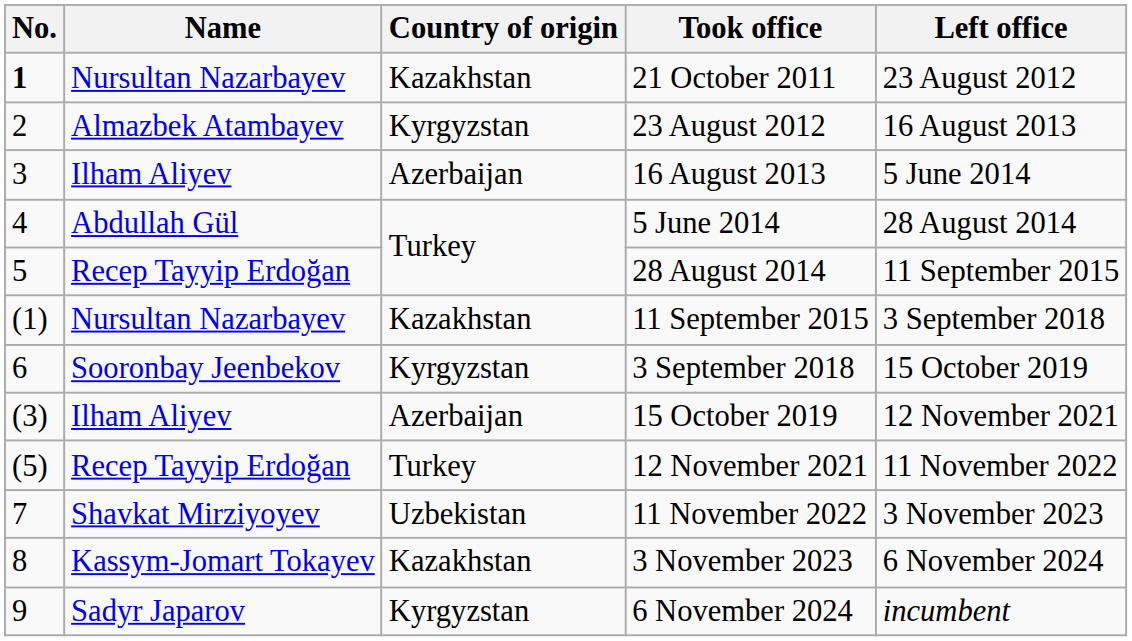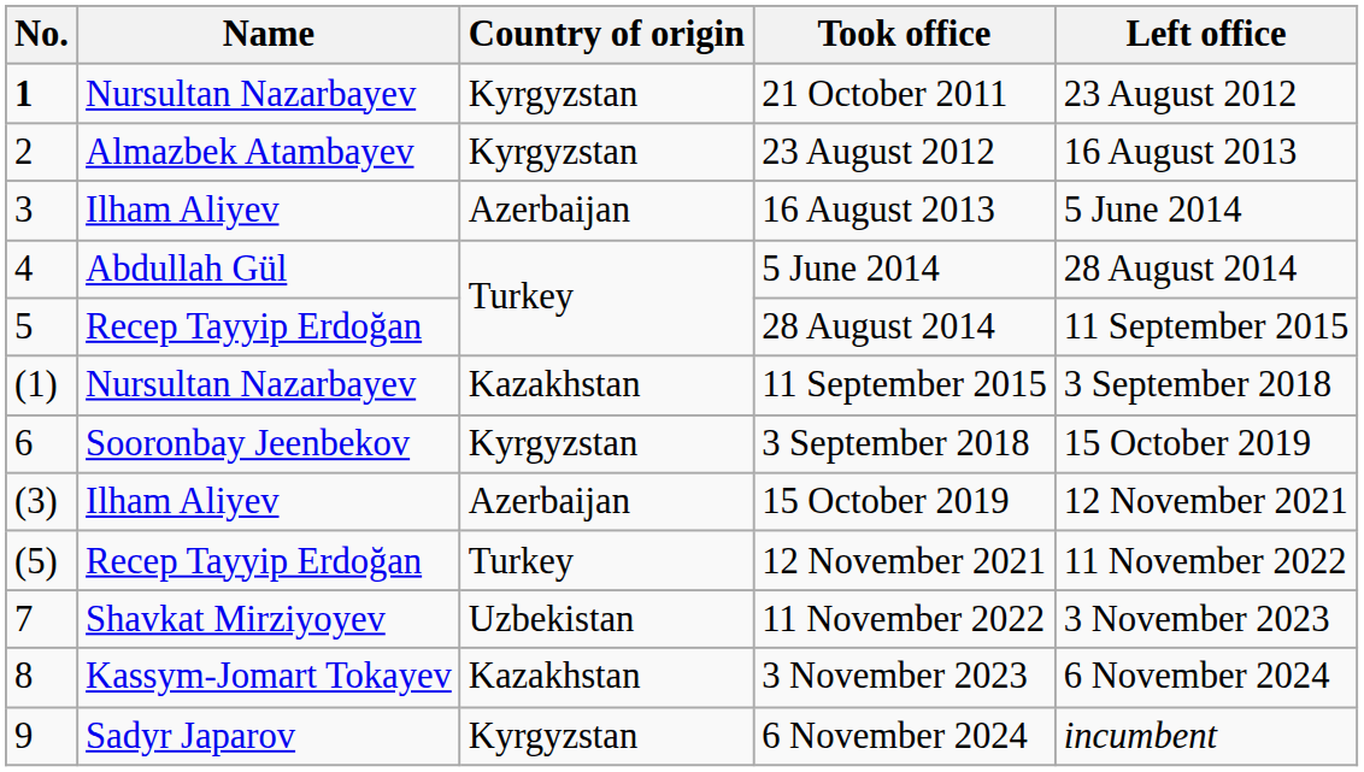 <table class="wikitable">
 <tr>
 <th>No.</th>
 <th>Name</th>
 <th>Country of origin</th>
 <th>Took office</th>
 <th>Left office</th>
 </tr>
 <tr>
 <td><strong>1</strong></td>
 <td><a href='#'>Nursultan Nazarbayev</a></td>
-<td>Kazakhstan</td>
+<td>Kyrgyzstan</td>
 <td>21 October 2011</td>
 <td>23 August 2012</td>
 </tr>
 <tr>
 <td>2</td>
 <td><a href='#'>Almazbek Atambayev</a></td>
 <td>Kyrgyzstan</td>
 <td>23 August 2012</td>
 <td>16 August 2013</td>
 </tr>
 <tr>
 <td>3</td>
 <td><a href='#'>Ilham Aliyev</a></td>
 <td>Azerbaijan</td>
 <td>16 August 2013</td>
 <td>5 June 2014</td>
 </tr>
 <tr>
 <td>4</td>
 <td><a href='#'>Abdullah Gül</a></td>
 <td rowspan="2">Turkey</td>
 <td>5 June 2014</td>
 <td>28 August 2014</td>
 </tr>
 <tr>
 <td>5</td>
 <td><a href='#'>Recep Tayyip Erdoğan</a></td>
 <td>28 August 2014</td>
 <td>11 September 2015</td>
 </tr>
 <tr>
 <td>(1)</td>
 <td><a href='#'>Nursultan Nazarbayev</a></td>
 <td>Kazakhstan</td>
 <td>11 September 2015</td>
 <td>3 September 2018</td>
 </tr>
 <tr>
 <td>6</td>
 <td><a href='#'>Sooronbay Jeenbekov</a></td>
 <td>Kyrgyzstan</td>
 <td>3 September 2018</td>
 <td>15 October 2019</td>
 </tr>
 <tr>
 <td>(3)</td>
 <td><a href='#'>Ilham Aliyev</a></td>
 <td>Azerbaijan</td>
 <td>15 October 2019</td>
 <td>12 November 2021</td>
 </tr>
 <tr>
 <td>(5)</td>
 <td><a href='#'>Recep Tayyip Erdoğan</a></td>
 <td>Turkey</td>
 <td>12 November 2021</td>
 <td>11 November 2022</td>
 </tr>
 <tr>
 <td>7</td>
 <td><a href='#'>Shavkat Mirziyoyev</a></td>
 <td>Uzbekistan</td>
 <td>11 November 2022</td>
 <td>3 November 2023</td>
 </tr>
 <tr>
 <td>8</td>
 <td><a href='#'>Kassym-Jomart Tokayev</a></td>
 <td>Kazakhstan</td>
 <td>3 November 2023</td>
 <td>6 November 2024</td>
 </tr>
 <tr>
 <td>9</td>
 <td><a href='#'>Sadyr Japarov</a></td>
 <td>Kyrgyzstan</td>
 <td>6 November 2024</td>
 <td><em>incumbent</em></td>
 </tr>
 </table>
